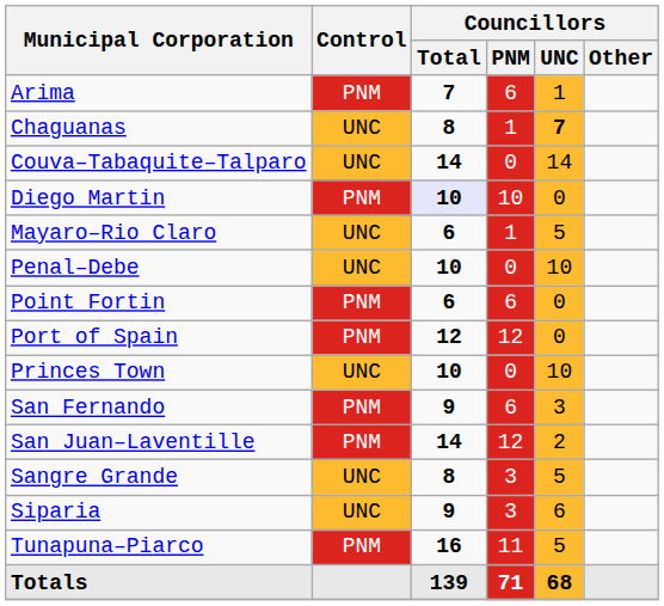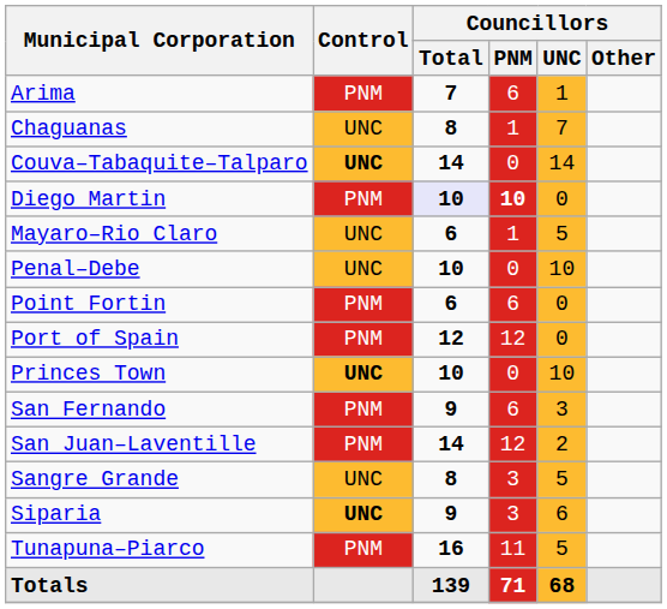 <table class="wikitable sortable" style="text-align:center">
 <tr>
 <th rowspan="2">Municipal Corporation</th>
 <th rowspan="2">Control</th>
 <th colspan="4">Councillors</th>
 </tr>
 <tr>
 <th align="left">Total</th>
 <th>PNM</th>
 <th>UNC</th>
 <th>Other</th>
 </tr>
 <tr>
 <td align="left"><a href='#'>Arima</a></td>
 <td style="color:white; background:#DC241f;">PNM</td>
 <td><strong>7</strong></td>
 <td style="color:white; background:#DC241f;">6</td>
 <td style="background:#FDBB30;">1</td>
 <td></td>
 </tr>
 <tr>
 <td align="left"><a href='#'>Chaguanas</a></td>
 <td style="background:#FDBB30;">UNC</td>
 <td><strong>8</strong></td>
 <td style="color:white; background:#DC241f;">1</td>
-<td style="background:#FDBB30;"><strong>7</strong></td>
+<td style="background:#FDBB30;">7</td>
 <td></td>
 </tr>
 <tr>
 <td align="left"><a href='#'>Couva–Tabaquite–Talparo</a></td>
-<td style="background:#FDBB30;">UNC</td>
+<td style="background:#FDBB30;"><strong>UNC</strong></td>
 <td><strong>14</strong></td>
 <td style="color:white; background:#DC241f;">0</td>
 <td style="background:#FDBB30;">14</td>
 <td></td>
 </tr>
 <tr>
 <td align="left"><a href='#'>Diego Martin</a></td>
 <td style="color:white; background:#DC241f;">PNM</td>
 <td style="background: lavender;"><strong>10</strong></td>
-<td style="color:white; background:#DC241f;">10</td>
+<td style="color:white; background:#DC241f;"><strong>10</strong></td>
 <td style="background:#FDBB30;">0</td>
 <td></td>
 </tr>
 <tr>
 <td align="left"><a href='#'>Mayaro–Rio Claro</a></td>
 <td style="background:#FDBB30;">UNC</td>
 <td><strong>6</strong></td>
 <td style="color:white; background:#DC241f;">1</td>
 <td style="background:#FDBB30;">5</td>
 <td></td>
 </tr>
 <tr>
 <td align="left"><a href='#'>Penal–Debe</a></td>
 <td style="background:#FDBB30;">UNC</td>
 <td><strong>10</strong></td>
 <td style="color:white; background:#DC241f;">0</td>
 <td style="background:#FDBB30;">10</td>
 <td></td>
 </tr>
 <tr>
 <td align="left"><a href='#'>Point Fortin</a></td>
 <td style="color:white; background:#DC241f;">PNM</td>
 <td><strong>6</strong></td>
 <td style="color:white; background:#DC241f;">6</td>
 <td style="background:#FDBB30;">0</td>
 <td></td>
 </tr>
 <tr>
 <td align="left"><a href='#'>Port of Spain</a></td>
 <td style="color:white; background:#DC241f;">PNM</td>
 <td><strong>12</strong></td>
 <td style="color:white; background:#DC241f;">12</td>
 <td style="background:#FDBB30;">0</td>
 <td></td>
 </tr>
 <tr>
 <td align="left"><a href='#'>Princes Town</a></td>
-<td style="background:#FDBB30;">UNC</td>
+<td style="background:#FDBB30;"><strong>UNC</strong></td>
 <td><strong>10</strong></td>
 <td style="color:white; background:#DC241f;">0</td>
 <td style="background:#FDBB30;">10</td>
 <td></td>
 </tr>
 <tr>
 <td align="left"><a href='#'>San Fernando</a></td>
 <td style="color:white; background:#DC241f;">PNM</td>
 <td><strong>9</strong></td>
 <td style="color:white; background:#DC241f;">6</td>
 <td style="background:#FDBB30;">3</td>
 <td></td>
 </tr>
 <tr>
 <td align="left"><a href='#'>San Juan–Laventille</a></td>
 <td style="color:white; background:#DC241f;">PNM</td>
 <td><strong>14</strong></td>
 <td style="color:white; background:#DC241f;">12</td>
 <td style="background:#FDBB30;">2</td>
 <td></td>
 </tr>
 <tr>
 <td align="left"><a href='#'>Sangre Grande</a></td>
 <td style="background:#FDBB30;">UNC</td>
 <td><strong>8</strong></td>
 <td style="color:white; background:#DC241f;">3</td>
 <td style="background:#FDBB30;">5</td>
 <td></td>
 </tr>
 <tr>
 <td align="left"><a href='#'>Siparia</a></td>
-<td style="background:#FDBB30;">UNC</td>
+<td style="background:#FDBB30;"><strong>UNC</strong></td>
 <td><strong>9</strong></td>
 <td style="color:white; background:#DC241f;">3</td>
 <td style="background:#FDBB30;">6</td>
 <td></td>
 </tr>
 <tr>
 <td align="left"><a href='#'>Tunapuna–Piarco</a></td>
 <td style="color:white; background:#DC241f;">PNM</td>
 <td><strong>16</strong></td>
 <td style="color:white; background:#DC241f;">11</td>
 <td style="background:#FDBB30;">5</td>
 <td></td>
 </tr>
 <tr class="sortbottom" style="font-weight:bold; background:rgb(232,232,232);">
 <td align="left">Totals</td>
 <td></td>
 <td>139</td>
 <td style="color:white; background:#DC241f;">71</td>
 <td style="background:#FDBB30;">68</td>
 <td></td>
 </tr>
 <tr>
 </tr>
 </table>
